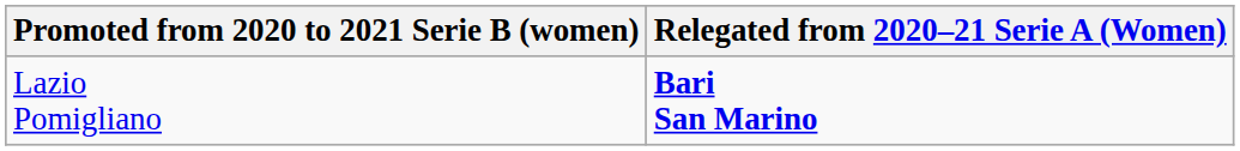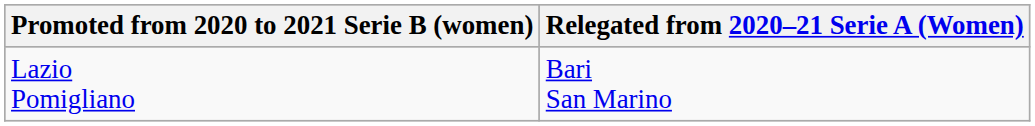 <table class="wikitable">
 <tr>
 <th>Promoted from 2020 to 2021 Serie B (women)</th>
 <th>Relegated from <a href='#'>2020–21 Serie A (Women)</a></th>
 </tr>
 <tr>
 <td><a href='#'>Lazio</a><br><a href='#'>Pomigliano</a></td>
-<td><strong><a href='#'>Bari</a><br><a href='#'>San Marino</a></strong></td>
+<td><a href='#'>Bari</a><br><a href='#'>San Marino</a></td>
 </tr>
 </table>
